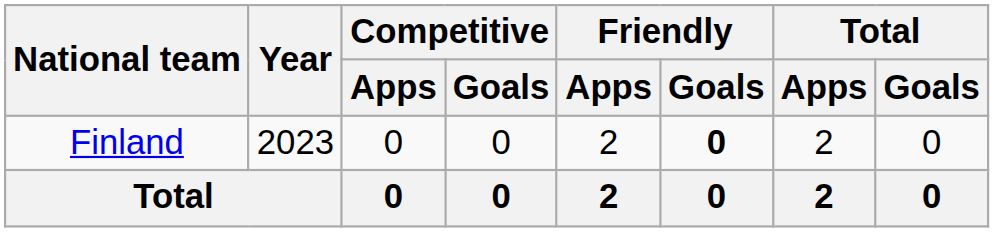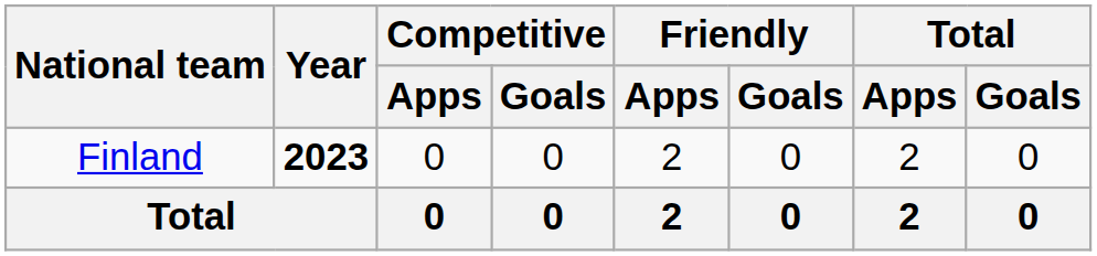 <table class="wikitable" style="text-align:center">
 <tr>
 <th rowspan="2">National team</th>
 <th rowspan="2">Year</th>
 <th colspan="2">Competitive</th>
 <th colspan="2">Friendly</th>
 <th colspan="2">Total</th>
 </tr>
 <tr>
 <th>Apps</th>
 <th>Goals</th>
 <th>Apps</th>
 <th>Goals</th>
 <th>Apps</th>
 <th>Goals</th>
 </tr>
 <tr>
 <td rowspan=1><a href='#'>Finland</a></td>
-<td>2023</td>
+<td><strong>2023</strong></td>
 <td>0</td>
 <td>0</td>
 <td>2</td>
-<td><strong>0</strong></td>
+<td>0</td>
 <td>2</td>
 <td>0</td>
 </tr>
 <tr>
 <th colspan=2>Total</th>
 <th>0</th>
 <th>0</th>
 <th>2</th>
 <th>0</th>
 <th>2</th>
 <th>0</th>
 </tr>
 </table>
